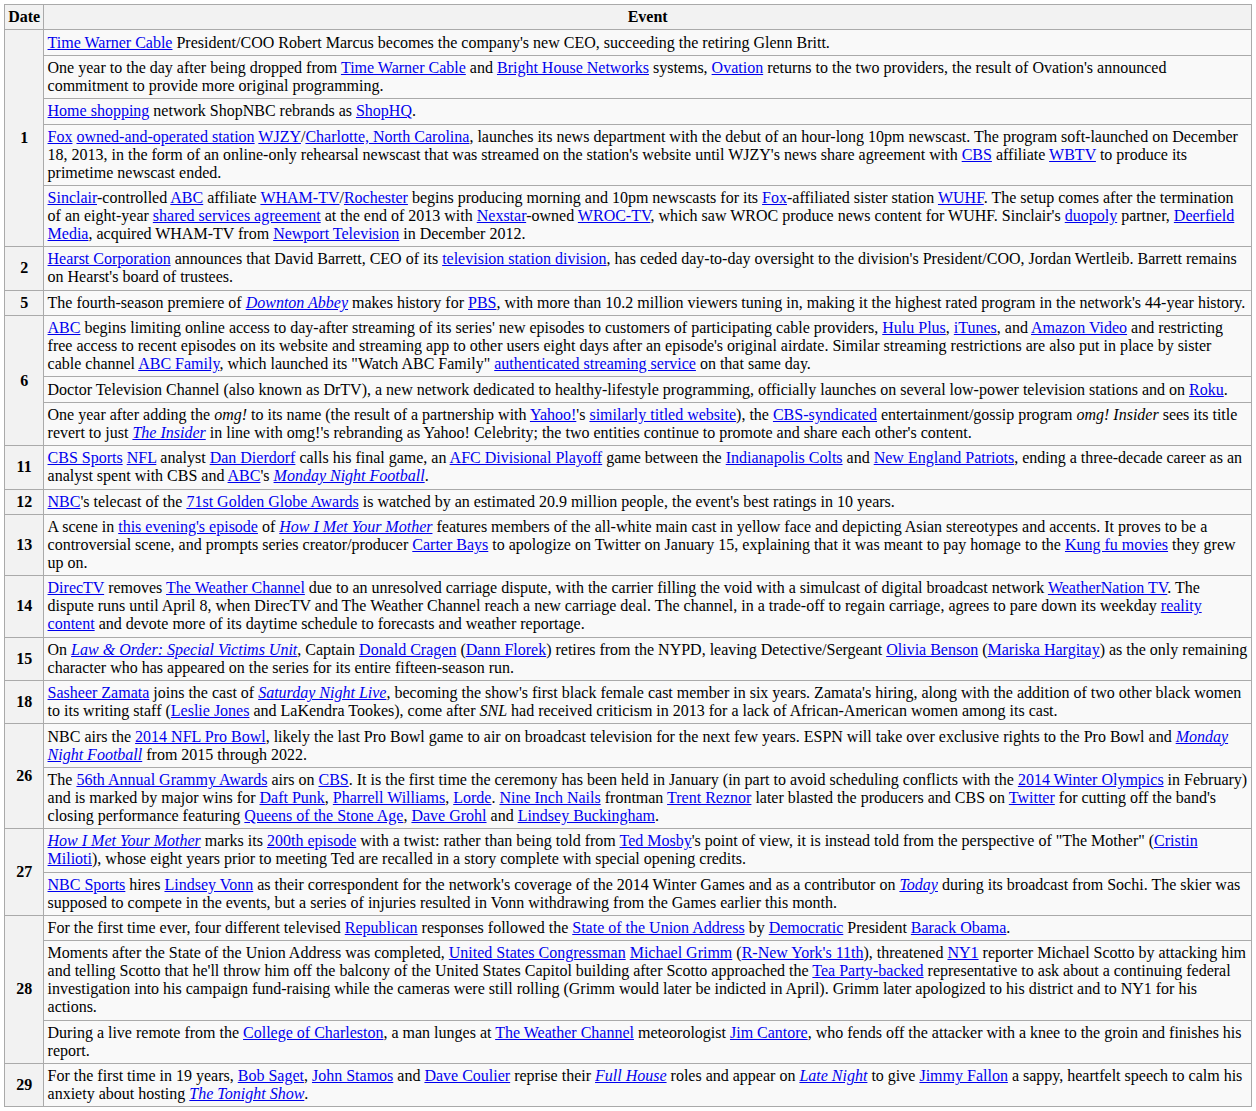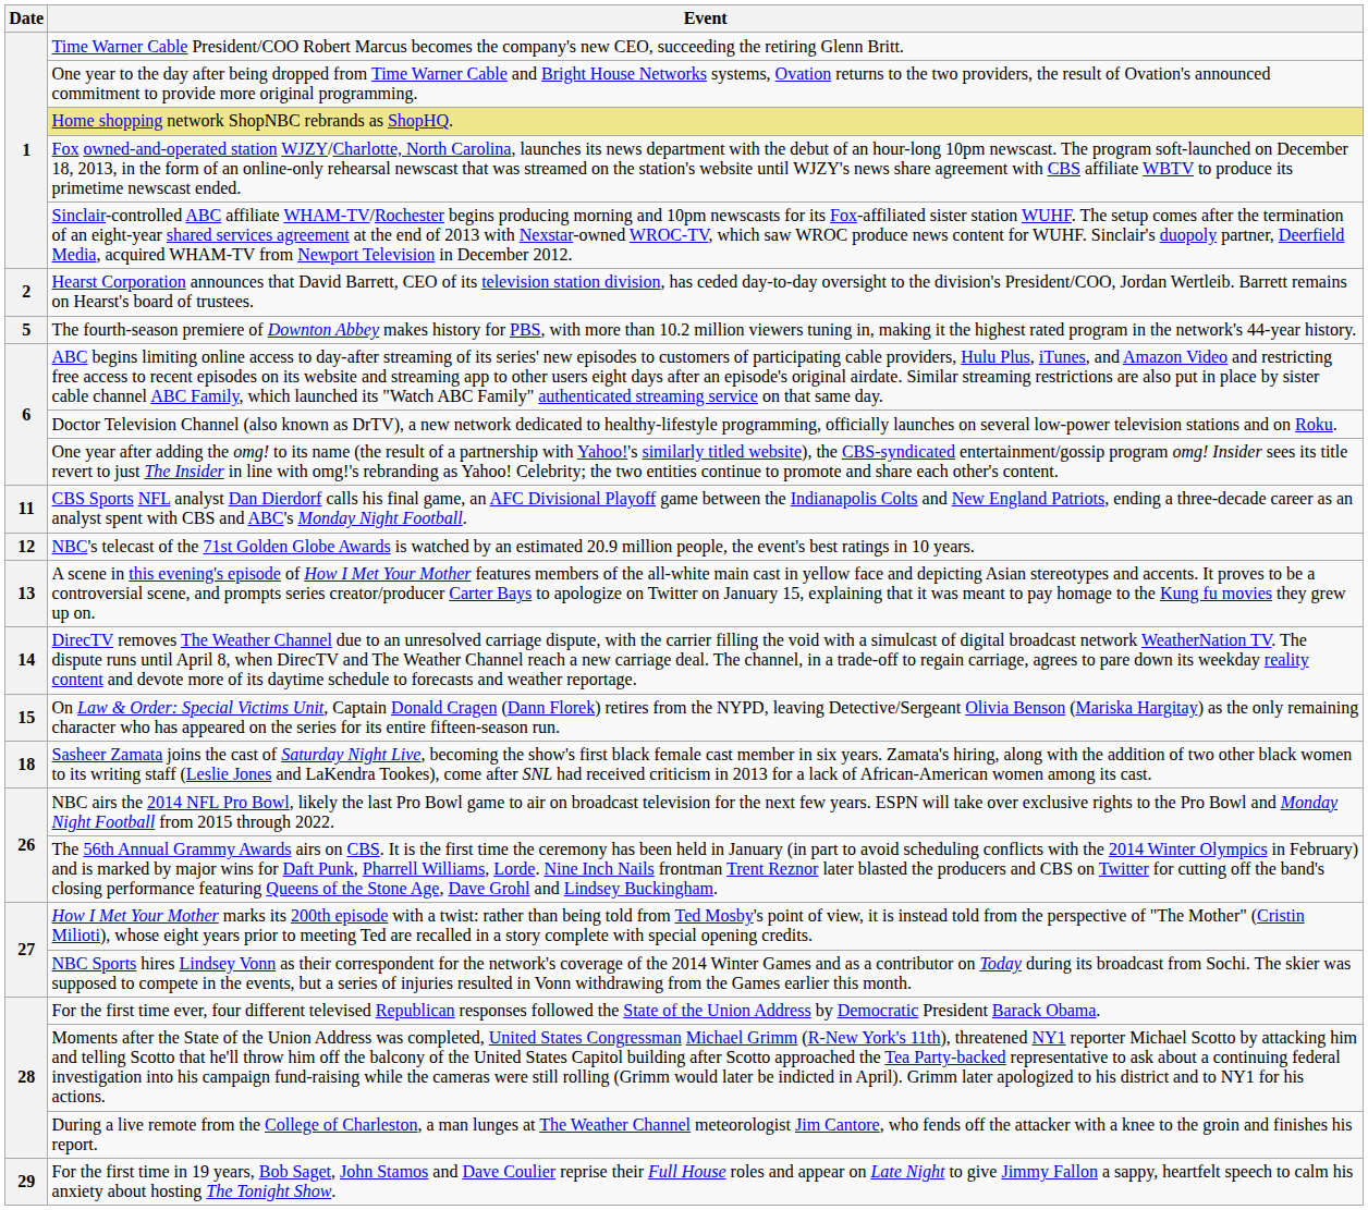 <table class="wikitable">
 <tr>
 <th>Date</th>
 <th>Event</th>
 </tr>
 <tr>
 <th rowspan=5>1</th>
 <td><a href='#'>Time Warner Cable</a> President/COO Robert Marcus becomes the company's new CEO, succeeding the retiring Glenn Britt.</td>
 </tr>
 <tr>
 <td>One year to the day after being dropped from <a href='#'>Time Warner Cable</a> and <a href='#'>Bright House Networks</a> systems, <a href='#'>Ovation</a> returns to the two providers, the result of Ovation's announced commitment to provide more original programming.</td>
 </tr>
 <tr>
-<td><a href='#'>Home shopping</a> network ShopNBC rebrands as <a href='#'>ShopHQ</a>.</td>
+<td style="background: khaki;"><a href='#'>Home shopping</a> network ShopNBC rebrands as <a href='#'>ShopHQ</a>.</td>
 </tr>
 <tr>
 <td><a href='#'>Fox</a> <a href='#'>owned-and-operated station</a> <a href='#'>WJZY</a>/<a href='#'>Charlotte, North Carolina</a>, launches its news department with the debut of an hour-long 10pm newscast. The program soft-launched on December 18, 2013, in the form of an online-only rehearsal newscast that was streamed on the station's website until WJZY's news share agreement with <a href='#'>CBS</a> affiliate <a href='#'>WBTV</a> to produce its primetime newscast ended.</td>
 </tr>
 <tr>
 <td><a href='#'>Sinclair</a>-controlled <a href='#'>ABC</a> affiliate <a href='#'>WHAM-TV</a>/<a href='#'>Rochester</a> begins producing morning and 10pm newscasts for its <a href='#'>Fox</a>-affiliated sister station <a href='#'>WUHF</a>. The setup comes after the termination of an eight-year <a href='#'>shared services agreement</a> at the end of 2013 with <a href='#'>Nexstar</a>-owned <a href='#'>WROC-TV</a>, which saw WROC produce news content for WUHF. Sinclair's <a href='#'>duopoly</a> partner, <a href='#'>Deerfield Media</a>, acquired WHAM-TV from <a href='#'>Newport Television</a> in December 2012.</td>
 </tr>
 <tr>
 <th>2</th>
 <td><a href='#'>Hearst Corporation</a> announces that David Barrett, CEO of its <a href='#'>television station division</a>, has ceded day-to-day oversight to the division's President/COO, Jordan Wertleib. Barrett remains on Hearst's board of trustees.</td>
 </tr>
 <tr>
 <th>5</th>
 <td>The fourth-season premiere of <em><a href='#'>Downton Abbey</a></em> makes history for <a href='#'>PBS</a>, with more than 10.2 million viewers tuning in, making it the highest rated program in the network's 44-year history.</td>
 </tr>
 <tr>
 <th rowspan=3>6</th>
 <td><a href='#'>ABC</a> begins limiting online access to day-after streaming of its series' new episodes to customers of participating cable providers, <a href='#'>Hulu Plus</a>, <a href='#'>iTunes</a>, and <a href='#'>Amazon Video</a> and restricting free access to recent episodes on its website and streaming app to other users eight days after an episode's original airdate. Similar streaming restrictions are also put in place by sister cable channel <a href='#'>ABC Family</a>, which launched its "Watch ABC Family" <a href='#'>authenticated streaming service</a> on that same day.</td>
 </tr>
 <tr>
 <td>Doctor Television Channel (also known as DrTV), a new network dedicated to healthy-lifestyle programming, officially launches on several low-power television stations and on <a href='#'>Roku</a>.</td>
 </tr>
 <tr>
 <td>One year after adding the <em>omg!</em> to its name (the result of a partnership with <a href='#'>Yahoo!</a>'s <a href='#'>similarly titled website</a>), the <a href='#'>CBS-syndicated</a> entertainment/gossip program <em>omg! Insider</em> sees its title revert to just <em><a href='#'>The Insider</a></em> in line with omg!'s rebranding as Yahoo! Celebrity; the two entities continue to promote and share each other's content.</td>
 </tr>
 <tr>
 <th>11</th>
 <td><a href='#'>CBS Sports</a> <a href='#'>NFL</a> analyst <a href='#'>Dan Dierdorf</a> calls his final game, an <a href='#'>AFC Divisional Playoff</a> game between the <a href='#'>Indianapolis Colts</a> and <a href='#'>New England Patriots</a>, ending a three-decade career as an analyst spent with CBS and <a href='#'>ABC</a>'s <em><a href='#'>Monday Night Football</a></em>.</td>
 </tr>
 <tr>
 <th>12</th>
 <td><a href='#'>NBC</a>'s telecast of the <a href='#'>71st Golden Globe Awards</a> is watched by an estimated 20.9 million people, the event's best ratings in 10 years.</td>
 </tr>
 <tr>
 <th>13</th>
 <td>A scene in <a href='#'>this evening's episode</a> of <em><a href='#'>How I Met Your Mother</a></em> features members of the all-white main cast in yellow face and depicting Asian stereotypes and accents. It proves to be a controversial scene, and prompts series creator/producer <a href='#'>Carter Bays</a> to apologize on Twitter on January 15, explaining that it was meant to pay homage to the <a href='#'>Kung fu movies</a> they grew up on.</td>
 </tr>
 <tr>
 <th>14</th>
 <td><a href='#'>DirecTV</a> removes <a href='#'>The Weather Channel</a> due to an unresolved carriage dispute, with the carrier filling the void with a simulcast of digital broadcast network <a href='#'>WeatherNation TV</a>. The dispute runs until April 8, when DirecTV and The Weather Channel reach a new carriage deal. The channel, in a trade-off to regain carriage, agrees to pare down its weekday <a href='#'>reality content</a> and devote more of its daytime schedule to forecasts and weather reportage.</td>
 </tr>
 <tr>
 <th>15</th>
 <td>On <em><a href='#'>Law & Order: Special Victims Unit</a></em>, Captain <a href='#'>Donald Cragen</a> (<a href='#'>Dann Florek</a>) retires from the NYPD, leaving Detective/Sergeant <a href='#'>Olivia Benson</a> (<a href='#'>Mariska Hargitay</a>) as the only remaining character who has appeared on the series for its entire fifteen-season run.</td>
 </tr>
 <tr>
 <th>18</th>
 <td><a href='#'>Sasheer Zamata</a> joins the cast of <em><a href='#'>Saturday Night Live</a></em>, becoming the show's first black female cast member in six years. Zamata's hiring, along with the addition of two other black women to its writing staff (<a href='#'>Leslie Jones</a> and LaKendra Tookes), come after <em>SNL</em> had received criticism in 2013 for a lack of African-American women among its cast.</td>
 </tr>
 <tr>
 <th rowspan=2>26</th>
 <td>NBC airs the <a href='#'>2014 NFL Pro Bowl</a>, likely the last Pro Bowl game to air on broadcast television for the next few years. ESPN will take over exclusive rights to the Pro Bowl and <em><a href='#'>Monday Night Football</a></em> from 2015 through 2022.</td>
 </tr>
 <tr>
 <td>The <a href='#'>56th Annual Grammy Awards</a> airs on <a href='#'>CBS</a>. It is the first time the ceremony has been held in January (in part to avoid scheduling conflicts with the <a href='#'>2014 Winter Olympics</a> in February) and is marked by major wins for <a href='#'>Daft Punk</a>, <a href='#'>Pharrell Williams</a>, <a href='#'>Lorde</a>. <a href='#'>Nine Inch Nails</a> frontman <a href='#'>Trent Reznor</a> later blasted the producers and CBS on <a href='#'>Twitter</a> for cutting off the band's closing performance featuring <a href='#'>Queens of the Stone Age</a>, <a href='#'>Dave Grohl</a> and <a href='#'>Lindsey Buckingham</a>.</td>
 </tr>
 <tr>
 <th rowspan=2>27</th>
 <td><em><a href='#'>How I Met Your Mother</a></em> marks its <a href='#'>200th episode</a> with a twist: rather than being told from <a href='#'>Ted Mosby</a>'s point of view, it is instead told from the perspective of "The Mother" (<a href='#'>Cristin Milioti</a>), whose eight years prior to meeting Ted are recalled in a story complete with special opening credits.</td>
 </tr>
 <tr>
 <td><a href='#'>NBC Sports</a> hires <a href='#'>Lindsey Vonn</a> as their correspondent for the network's coverage of the 2014 Winter Games and as a contributor on <em><a href='#'>Today</a></em> during its broadcast from Sochi. The skier was supposed to compete in the events, but a series of injuries resulted in Vonn withdrawing from the Games earlier this month.</td>
 </tr>
 <tr>
 <th rowspan=3>28</th>
 <td>For the first time ever, four different televised <a href='#'>Republican</a> responses followed the <a href='#'>State of the Union Address</a> by <a href='#'>Democratic</a> President <a href='#'>Barack Obama</a>.</td>
 </tr>
 <tr>
 <td>Moments after the State of the Union Address was completed, <a href='#'>United States Congressman</a> <a href='#'>Michael Grimm</a> (<a href='#'>R-New York's 11th</a>), threatened <a href='#'>NY1</a> reporter Michael Scotto by attacking him and telling Scotto that he'll throw him off the balcony of the United States Capitol building after Scotto approached the <a href='#'>Tea Party-backed</a> representative to ask about a continuing federal investigation into his campaign fund-raising while the cameras were still rolling (Grimm would later be indicted in April). Grimm later apologized to his district and to NY1 for his actions.</td>
 </tr>
 <tr>
 <td>During a live remote from the <a href='#'>College of Charleston</a>, a man lunges at <a href='#'>The Weather Channel</a> meteorologist <a href='#'>Jim Cantore</a>, who fends off the attacker with a knee to the groin and finishes his report.</td>
 </tr>
 <tr>
 <th>29</th>
 <td>For the first time in 19 years, <a href='#'>Bob Saget</a>, <a href='#'>John Stamos</a> and <a href='#'>Dave Coulier</a> reprise their <em><a href='#'>Full House</a></em> roles and appear on <em><a href='#'>Late Night</a></em> to give <a href='#'>Jimmy Fallon</a> a sappy, heartfelt speech to calm his anxiety about hosting <em><a href='#'>The Tonight Show</a></em>.</td>
 </tr>
 </table>
